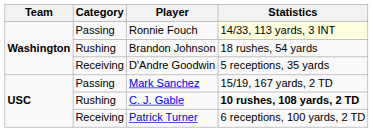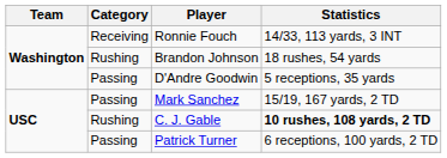 <table class="wikitable" style="float: right;">
 <tr>
 <th>Team</th>
 <th>Category</th>
 <th>Player</th>
 <th>Statistics</th>
 </tr>
 <tr>
 <td rowspan=3><strong>Washington</strong></td>
-<td>Passing</td>
+<td>Receiving</td>
 <td>Ronnie Fouch</td>
-<td style="background: lightyellow;">14/33, 113 yards, 3 INT</td>
+<td>14/33, 113 yards, 3 INT</td>
 </tr>
 <tr>
 <td>Rushing</td>
 <td>Brandon Johnson</td>
 <td>18 rushes, 54 yards</td>
 </tr>
 <tr>
-<td>Receiving</td>
+<td>Passing</td>
 <td>D'Andre Goodwin</td>
 <td>5 receptions, 35 yards</td>
 </tr>
 <tr>
 <td rowspan=3><strong>USC</strong></td>
 <td>Passing</td>
 <td><a href='#'>Mark Sanchez</a></td>
 <td>15/19, 167 yards, 2 TD</td>
 </tr>
 <tr>
 <td>Rushing</td>
 <td><a href='#'>C. J. Gable</a></td>
 <td><strong>10 rushes, 108 yards, 2 TD</strong></td>
 </tr>
 <tr>
-<td>Receiving</td>
+<td>Passing</td>
 <td><a href='#'>Patrick Turner</a></td>
 <td>6 receptions, 100 yards, 2 TD</td>
 </tr>
 </table>
